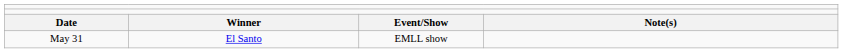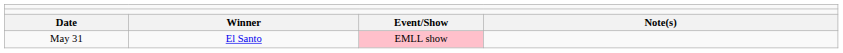 <table class="wikitable" style="text-align:center; width:100%;">
 <tr>
 <td colspan=5></td>
 </tr>
 <tr>
 <td colspan=5><strong></strong></td>
 </tr>
 <tr>
 <th width=14%>Date</th>
 <th width=26%>Winner</th>
 <th width=14%>Event/Show</th>
 <th width=40%>Note(s)</th>
 </tr>
 <tr>
 <td>May 31</td>
 <td><a href='#'>El Santo</a></td>
-<td>EMLL show</td>
+<td style="background: pink;">EMLL show</td>
 <td align=left></td>
 </tr>
 </table>
